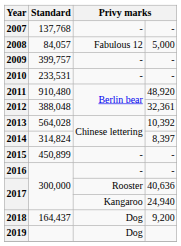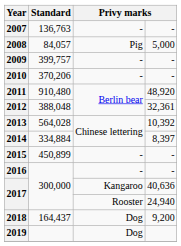 <table class="wikitable" style="text-align:right; display:inline-table;">
 <tr>
 <th>Year</th>
 <th>Standard</th>
 <th colspan="2">Privy marks</th>
 </tr>
 <tr>
 <th>2007</th>
-<td>137,768</td>
+<td>136,763</td>
 <td>-</td>
 <td>-</td>
 </tr>
 <tr>
 <th>2008</th>
 <td>84,057</td>
-<td>Fabulous 12</td>
+<td>Pig</td>
 <td>5,000</td>
 </tr>
 <tr>
 <th>2009</th>
 <td>399,757</td>
 <td>-</td>
 <td>-</td>
 </tr>
 <tr>
 <th>2010</th>
-<td>233,531</td>
+<td>370,206</td>
 <td>-</td>
 <td>-</td>
 </tr>
 <tr>
 <th>2011</th>
 <td>910,480</td>
 <td rowspan="2"><a href='#'>Berlin bear</a></td>
 <td>48,920</td>
 </tr>
 <tr>
 <th>2012</th>
 <td>388,048</td>
 <td>32,361</td>
 </tr>
 <tr>
 <th>2013</th>
 <td>564,028</td>
 <td rowspan="2">Chinese lettering</td>
 <td>10,392</td>
 </tr>
 <tr>
 <th>2014</th>
-<td>314,824</td>
+<td>334,884</td>
 <td>8,397</td>
 </tr>
 <tr>
 <th>2015</th>
 <td>450,899</td>
 <td>-</td>
 <td>-</td>
 </tr>
 <tr>
 <th>2016</th>
 <td rowspan="3">300,000</td>
 <td>-</td>
 <td>-</td>
 </tr>
 <tr>
 <th rowspan="2">2017</th>
-<td>Rooster</td>
+<td>Kangaroo</td>
 <td>40,636</td>
 </tr>
 <tr>
-<td>Kangaroo</td>
+<td>Rooster</td>
 <td>24,940</td>
 </tr>
 <tr>
 <th>2018</th>
 <td>164,437</td>
 <td>Dog</td>
 <td>9,200</td>
 </tr>
 <tr>
 <th>2019</th>
 <td></td>
 <td>Dog</td>
 <td></td>
 </tr>
 <tr>
 </tr>
 </table>
